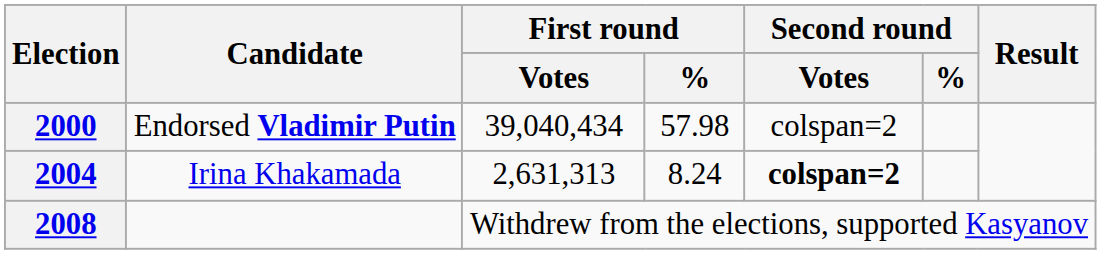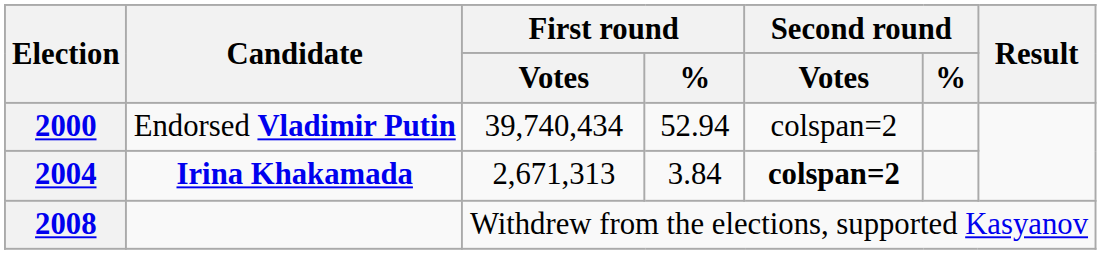 <table class=wikitable style=text-align:center>
 <tr>
 <th rowspan="2"><strong>Election</strong></th>
 <th rowspan="2">Candidate</th>
 <th colspan="2" scope="col">First round</th>
 <th colspan="2">Second round</th>
 <th rowspan="2">Result</th>
 </tr>
 <tr>
 <th><strong>Votes</strong></th>
 <th><strong>%</strong></th>
 <th><strong>Votes</strong></th>
 <th><strong>%</strong></th>
 </tr>
 <tr>
 <th><a href='#'>2000</a></th>
 <td align=left>Endorsed   <strong><a href='#'>Vladimir Putin</a></strong></td>
-<td>39,040,434</td>
-<td>57.98</td>
+<td>39,740,434</td>
+<td>52.94</td>
 <td>colspan=2 </td>
 <td></td>
 </tr>
 <tr>
 <th><a href='#'>2004</a></th>
-<td><a href='#'>Irina Khakamada</a></td>
-<td>2,631,313</td>
-<td>8.24</td>
+<td><strong><a href='#'>Irina Khakamada</a></strong></td>
+<td>2,671,313</td>
+<td>3.84</td>
 <td><strong>colspan=2 </strong></td>
 <td></td>
 </tr>
 <tr>
 <th><a href='#'>2008</a></th>
 <td></td>
 <td colspan=5>Withdrew from the elections, supported <a href='#'>Kasyanov</a></td>
 </tr>
 </table>
